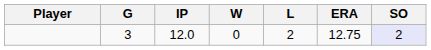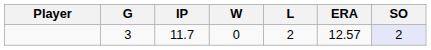 <table class="wikitable sortable">
 <tr>
 <th bgcolor="#DDDDFF" width="16%">Player</th>
 <th bgcolor="#DDDDFF" width="9%">G</th>
 <th bgcolor="#DDDDFF" width="9%">IP</th>
 <th bgcolor="#DDDDFF" width="9%">W</th>
 <th bgcolor="#DDDDFF" width="9%">L</th>
 <th bgcolor="#DDDDFF" width="9%">ERA</th>
 <th bgcolor="#DDDDFF" width="9%">SO</th>
 </tr>
 <tr align="center">
 <td></td>
 <td>3</td>
-<td>12.0</td>
+<td>11.7</td>
 <td>0</td>
 <td>2</td>
-<td>12.75</td>
+<td>12.57</td>
 <td style="background: lavender;">2</td>
 </tr>
 </table>
